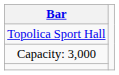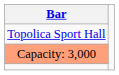 <table class="wikitable" style="text-align:center">
 <tr>
 <th><a href='#'>Bar</a></th>
 <td rowspan=4></td>
 </tr>
 <tr>
 <td><a href='#'>Topolica Sport Hall</a></td>
 </tr>
 <tr>
-<td>Capacity: 3,000</td>
+<td style="background: lightsalmon;">Capacity: 3,000</td>
 </tr>
 <tr>
 <td></td>
 </tr>
 </table>
